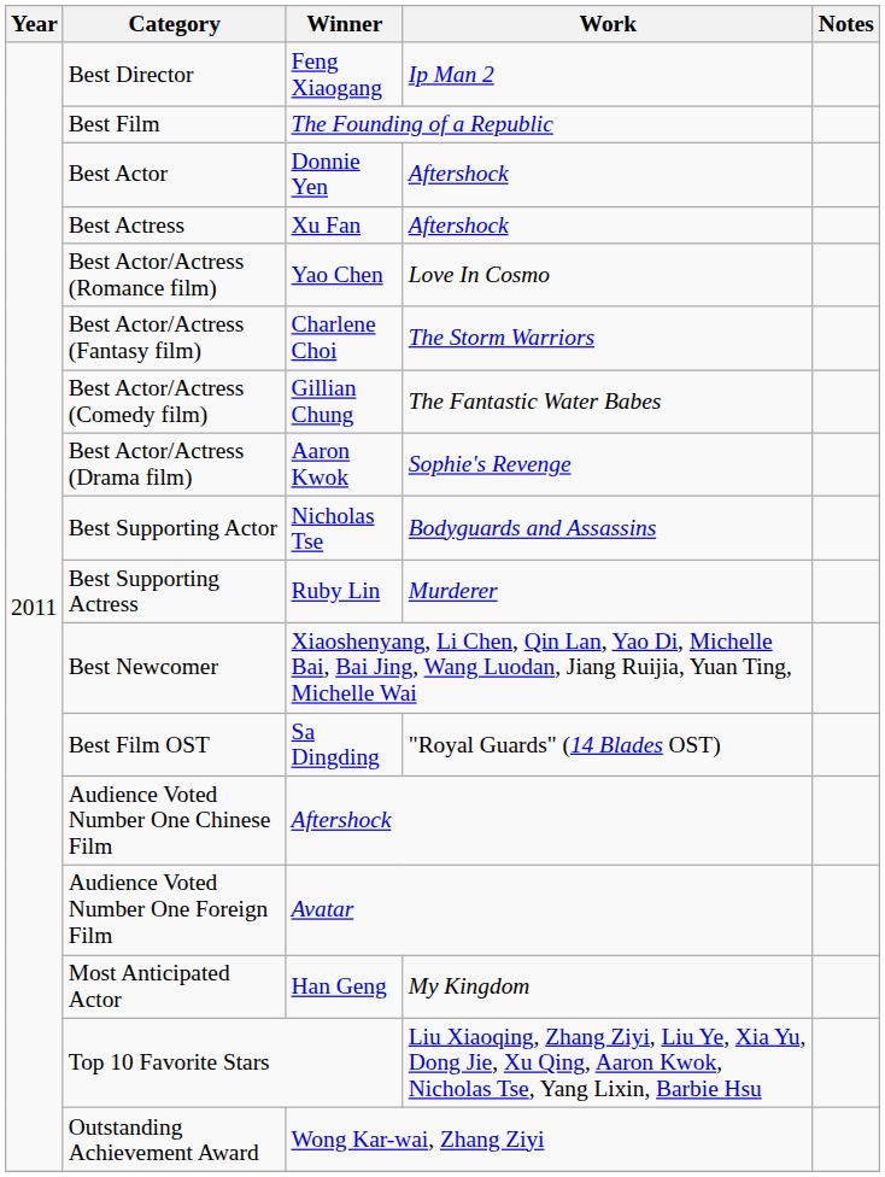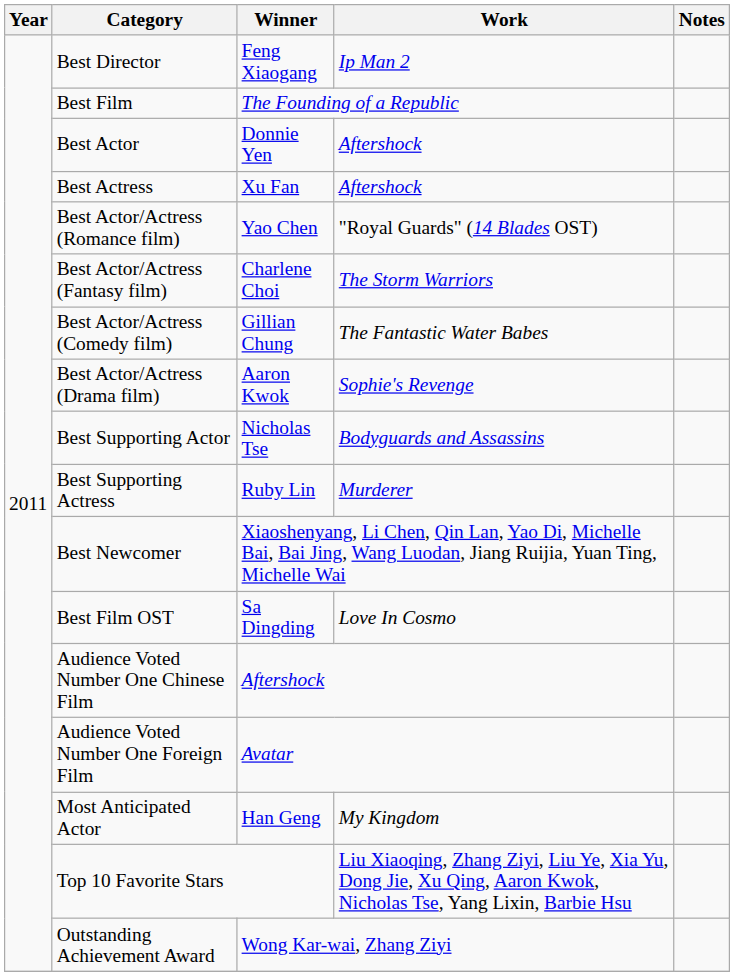 <table class="wikitable" style="width:600px">
 <tr>
 <th>Year</th>
 <th>Category</th>
 <th>Winner</th>
 <th>Work</th>
 <th>Notes</th>
 </tr>
 <tr>
 <td rowspan=17>2011</td>
 <td>Best Director</td>
 <td><a href='#'>Feng Xiaogang</a></td>
 <td><em><a href='#'>Ip Man 2</a></em></td>
 <td></td>
 </tr>
 <tr>
 <td>Best Film</td>
 <td colspan=2><em><a href='#'>The Founding of a Republic</a></em></td>
 <td></td>
 </tr>
 <tr>
 <td>Best Actor</td>
 <td><a href='#'>Donnie Yen</a></td>
 <td><em><a href='#'>Aftershock</a></em></td>
 <td></td>
 </tr>
 <tr>
 <td>Best Actress</td>
 <td><a href='#'>Xu Fan</a></td>
 <td><em><a href='#'>Aftershock</a></em></td>
 <td></td>
 </tr>
 <tr>
 <td>Best Actor/Actress (Romance film)</td>
 <td><a href='#'>Yao Chen</a></td>
-<td><em>Love In Cosmo</em></td>
+<td>"Royal Guards" (<em><a href='#'>14 Blades</a></em> OST)</td>
 <td></td>
 </tr>
 <tr>
 <td>Best Actor/Actress (Fantasy film)</td>
 <td><a href='#'>Charlene Choi</a></td>
 <td><em><a href='#'>The Storm Warriors</a></em></td>
 <td></td>
 </tr>
 <tr>
 <td>Best Actor/Actress (Comedy film)</td>
 <td><a href='#'>Gillian Chung</a></td>
 <td><em>The Fantastic Water Babes</em></td>
 <td></td>
 </tr>
 <tr>
 <td>Best Actor/Actress (Drama film)</td>
 <td><a href='#'>Aaron Kwok</a></td>
 <td><em><a href='#'>Sophie's Revenge</a></em></td>
 <td></td>
 </tr>
 <tr>
 <td>Best Supporting Actor</td>
 <td><a href='#'>Nicholas Tse</a></td>
 <td><em><a href='#'>Bodyguards and Assassins</a></em></td>
 <td></td>
 </tr>
 <tr>
 <td>Best Supporting Actress</td>
 <td><a href='#'>Ruby Lin</a></td>
 <td><em><a href='#'>Murderer</a></em></td>
 <td></td>
 </tr>
 <tr>
 <td>Best Newcomer</td>
 <td colspan=2><a href='#'>Xiaoshenyang</a>, <a href='#'>Li Chen</a>, <a href='#'>Qin Lan</a>, <a href='#'>Yao Di</a>, <a href='#'>Michelle Bai</a>, <a href='#'>Bai Jing</a>, <a href='#'>Wang Luodan</a>, Jiang Ruijia, Yuan Ting, <a href='#'>Michelle Wai</a></td>
 <td></td>
 </tr>
 <tr>
 <td>Best Film OST</td>
 <td><a href='#'>Sa Dingding</a></td>
-<td>"Royal Guards" (<em><a href='#'>14 Blades</a></em> OST)</td>
+<td><em>Love In Cosmo</em></td>
 <td></td>
 </tr>
 <tr>
 <td>Audience Voted Number One Chinese Film</td>
 <td colspan=2><em><a href='#'>Aftershock</a></em></td>
 <td></td>
 </tr>
 <tr>
 <td>Audience Voted Number One Foreign Film</td>
 <td colspan=2><em><a href='#'>Avatar</a></em></td>
 <td></td>
 </tr>
 <tr>
 <td>Most Anticipated Actor</td>
 <td><a href='#'>Han Geng</a></td>
 <td><em>My Kingdom</em></td>
 <td></td>
 </tr>
 <tr>
 <td colspan=2>Top 10 Favorite Stars</td>
 <td><a href='#'>Liu Xiaoqing</a>, <a href='#'>Zhang Ziyi</a>, <a href='#'>Liu Ye</a>, <a href='#'>Xia Yu</a>, <a href='#'>Dong Jie</a>, <a href='#'>Xu Qing</a>, <a href='#'>Aaron Kwok</a>, <a href='#'>Nicholas Tse</a>, Yang Lixin, <a href='#'>Barbie Hsu</a></td>
 <td></td>
 </tr>
 <tr>
 <td>Outstanding Achievement Award</td>
 <td colspan=2><a href='#'>Wong Kar-wai</a>, <a href='#'>Zhang Ziyi</a></td>
 <td></td>
 </tr>
 <tr>
 </tr>
 </table>
